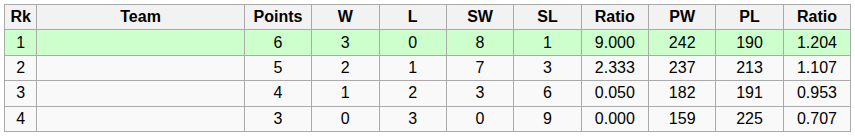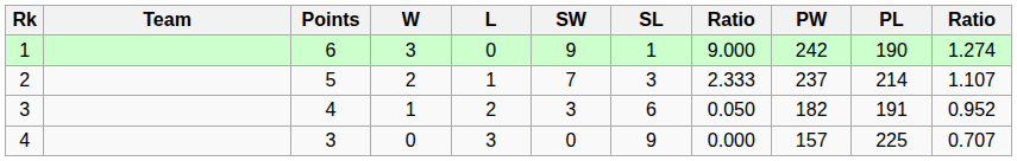 <table class=wikitable style=text-align:center>
 <tr>
 <th width=25>Rk</th>
 <th width=200>Team</th>
 <th width=60>Points</th>
 <th width=60>W</th>
 <th width=60>L</th>
 <th width=60>SW</th>
 <th width=60>SL</th>
 <th width=60>Ratio</th>
 <th width=60>PW</th>
 <th width=60>PL</th>
 <th width=60>Ratio</th>
 </tr>
 <tr style="background: #ccffcc">
 <td>1</td>
 <td align=left></td>
 <td>6</td>
 <td>3</td>
 <td>0</td>
-<td>8</td>
+<td>9</td>
 <td>1</td>
 <td>9.000</td>
 <td>242</td>
 <td>190</td>
-<td>1.204</td>
+<td>1.274</td>
 </tr>
 <tr>
 <td>2</td>
 <td align=left></td>
 <td>5</td>
 <td>2</td>
 <td>1</td>
 <td>7</td>
 <td>3</td>
 <td>2.333</td>
 <td>237</td>
-<td>213</td>
+<td>214</td>
 <td>1.107</td>
 </tr>
 <tr>
 <td>3</td>
 <td align=left></td>
 <td>4</td>
 <td>1</td>
 <td>2</td>
 <td>3</td>
 <td>6</td>
 <td>0.050</td>
 <td>182</td>
 <td>191</td>
-<td>0.953</td>
+<td>0.952</td>
 </tr>
 <tr>
 <td>4</td>
 <td align=left></td>
 <td>3</td>
 <td>0</td>
 <td>3</td>
 <td>0</td>
 <td>9</td>
 <td>0.000</td>
-<td>159</td>
+<td>157</td>
 <td>225</td>
 <td>0.707</td>
 </tr>
 </table>
